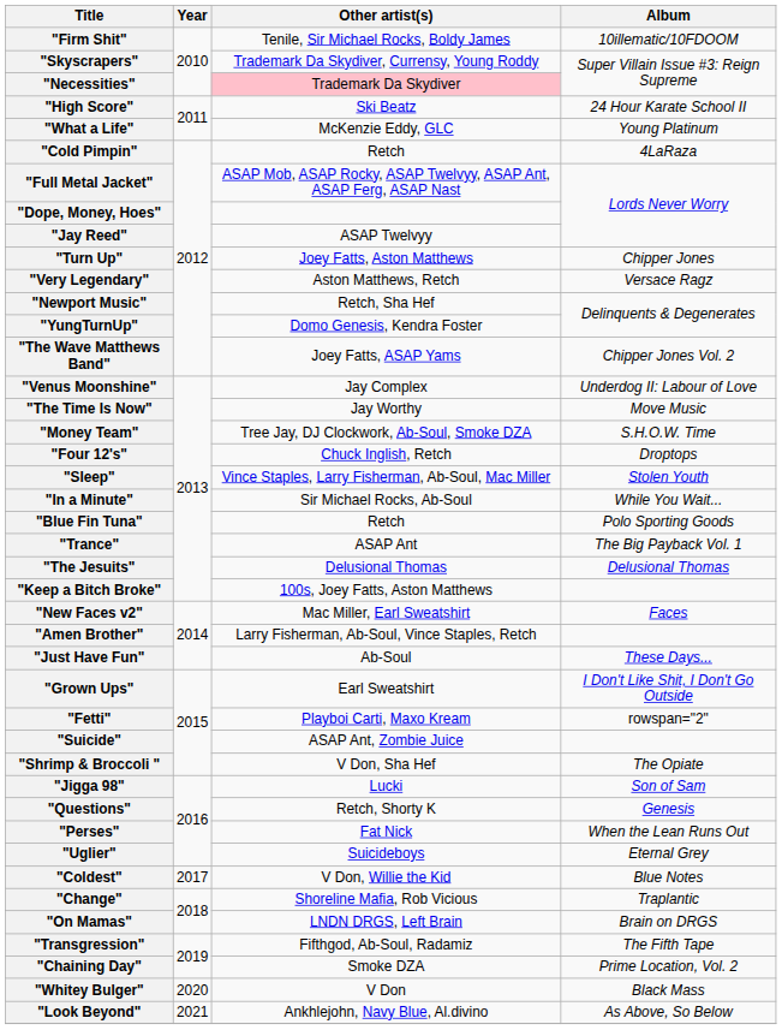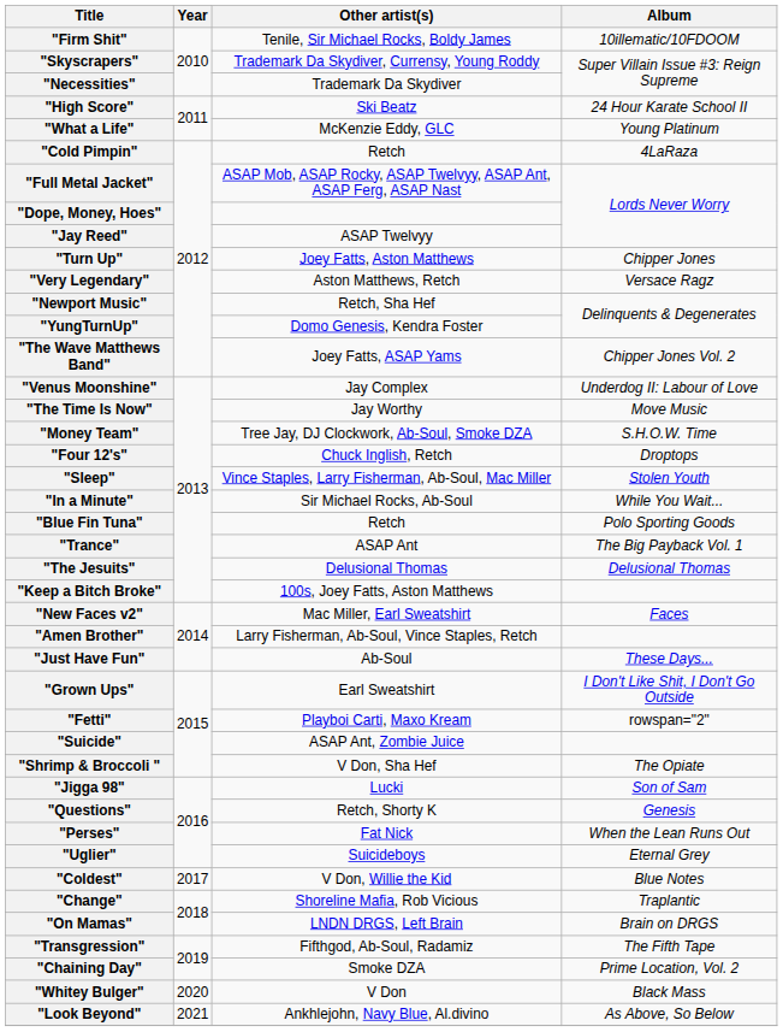 <table class="wikitable plainrowheaders" style="text-align:center;">
 <tr>
 <th scope="col">Title</th>
 <th scope="col">Year</th>
 <th scope="col">Other artist(s)</th>
 <th scope="col">Album</th>
 </tr>
 <tr>
 <th scope="row">"Firm Shit"</th>
 <td rowspan="3">2010</td>
 <td>Tenile, <a href='#'>Sir Michael Rocks</a>, <a href='#'>Boldy James</a></td>
 <td><em>10illematic/10FDOOM</em></td>
 </tr>
 <tr>
 <th scope="row">"Skyscrapers"</th>
 <td><a href='#'>Trademark Da Skydiver</a>, <a href='#'>Currensy</a>, <a href='#'>Young Roddy</a></td>
 <td rowspan="2"><em>Super Villain Issue #3: Reign Supreme</em></td>
 </tr>
 <tr>
 <th scope="row">"Necessities"</th>
-<td style="background: pink;">Trademark Da Skydiver</td>
+<td>Trademark Da Skydiver</td>
 </tr>
 <tr>
 <th scope="row">"High Score"</th>
 <td rowspan="2">2011</td>
 <td><a href='#'>Ski Beatz</a></td>
 <td><em>24 Hour Karate School II</em></td>
 </tr>
 <tr>
 <th scope="row">"What a Life"</th>
 <td>McKenzie Eddy, <a href='#'>GLC</a></td>
 <td><em>Young Platinum</em></td>
 </tr>
 <tr>
 <th scope="row">"Cold Pimpin"</th>
 <td rowspan="9">2012</td>
 <td>Retch</td>
 <td><em>4LaRaza</em></td>
 </tr>
 <tr>
 <th scope="row">"Full Metal Jacket"</th>
 <td><a href='#'>ASAP Mob</a>, <a href='#'>ASAP Rocky</a>, <a href='#'>ASAP Twelvyy</a>, <a href='#'>ASAP Ant</a>, <a href='#'>ASAP Ferg</a>, <a href='#'>ASAP Nast</a></td>
 <td rowspan="3"><em><a href='#'>Lords Never Worry</a></em></td>
 </tr>
 <tr>
 <th scope="row">"Dope, Money, Hoes"</th>
 <td></td>
 </tr>
 <tr>
 <th scope="row">"Jay Reed"</th>
 <td>ASAP Twelvyy</td>
 </tr>
 <tr>
 <th scope="row">"Turn Up"</th>
 <td><a href='#'>Joey Fatts</a>, <a href='#'>Aston Matthews</a></td>
 <td><em>Chipper Jones</em></td>
 </tr>
 <tr>
 <th scope="row">"Very Legendary"</th>
 <td>Aston Matthews, Retch</td>
 <td><em>Versace Ragz</em></td>
 </tr>
 <tr>
 <th scope="row">"Newport Music"</th>
 <td>Retch, Sha Hef</td>
 <td rowspan="2"><em>Delinquents & Degenerates</em></td>
 </tr>
 <tr>
 <th scope="row">"YungTurnUp"</th>
 <td><a href='#'>Domo Genesis</a>, Kendra Foster</td>
 </tr>
 <tr>
 <th scope="row">"The Wave Matthews Band"</th>
 <td>Joey Fatts, <a href='#'>ASAP Yams</a></td>
 <td><em>Chipper Jones Vol. 2</em></td>
 </tr>
 <tr>
 <th scope="row">"Venus Moonshine"</th>
 <td rowspan="10">2013</td>
 <td>Jay Complex</td>
 <td><em>Underdog II: Labour of Love</em></td>
 </tr>
 <tr>
 <th scope="row">"The Time Is Now"</th>
 <td>Jay Worthy</td>
 <td><em>Move Music</em></td>
 </tr>
 <tr>
 <th scope="row">"Money Team"</th>
 <td>Tree Jay, DJ Clockwork, <a href='#'>Ab-Soul</a>, <a href='#'>Smoke DZA</a></td>
 <td><em>S.H.O.W. Time</em></td>
 </tr>
 <tr>
 <th scope="row">"Four 12's"</th>
 <td><a href='#'>Chuck Inglish</a>, Retch</td>
 <td><em>Droptops</em></td>
 </tr>
 <tr>
 <th scope="row">"Sleep"</th>
 <td><a href='#'>Vince Staples</a>, <a href='#'>Larry Fisherman</a>, Ab-Soul, <a href='#'>Mac Miller</a></td>
 <td><em><a href='#'>Stolen Youth</a></em></td>
 </tr>
 <tr>
 <th scope="row">"In a Minute"</th>
 <td>Sir Michael Rocks, Ab-Soul</td>
 <td><em>While You Wait...</em></td>
 </tr>
 <tr>
 <th scope="row">"Blue Fin Tuna"</th>
 <td>Retch</td>
 <td><em>Polo Sporting Goods</em></td>
 </tr>
 <tr>
 <th scope="row">"Trance"</th>
 <td>ASAP Ant</td>
 <td><em>The Big Payback Vol. 1</em></td>
 </tr>
 <tr>
 <th scope="row">"The Jesuits"</th>
 <td><a href='#'>Delusional Thomas</a></td>
 <td><em><a href='#'>Delusional Thomas</a></em></td>
 </tr>
 <tr>
 <th scope="row">"Keep a Bitch Broke"</th>
 <td><a href='#'>100s</a>, Joey Fatts, Aston Matthews</td>
 <td></td>
 </tr>
 <tr>
 <th scope="row">"New Faces v2"</th>
 <td rowspan="3">2014</td>
 <td>Mac Miller, <a href='#'>Earl Sweatshirt</a></td>
 <td><em><a href='#'>Faces</a></em></td>
 </tr>
 <tr>
 <th scope="row">"Amen Brother"</th>
 <td>Larry Fisherman, Ab-Soul, Vince Staples, Retch</td>
 <td></td>
 </tr>
 <tr>
 <th scope="row">"Just Have Fun"</th>
 <td>Ab-Soul</td>
 <td><em><a href='#'>These Days...</a></em></td>
 </tr>
 <tr>
 <th scope="row">"Grown Ups"</th>
 <td rowspan="4">2015</td>
 <td>Earl Sweatshirt</td>
 <td><em><a href='#'>I Don't Like Shit, I Don't Go Outside</a></em></td>
 </tr>
 <tr>
 <th scope="row">"Fetti"</th>
 <td><a href='#'>Playboi Carti</a>, <a href='#'>Maxo Kream</a></td>
 <td>rowspan="2" </td>
 </tr>
 <tr>
 <th scope="row">"Suicide"</th>
 <td>ASAP Ant, <a href='#'>Zombie Juice</a></td>
 </tr>
 <tr>
 <th scope="row">"Shrimp & Broccoli "</th>
 <td>V Don, Sha Hef</td>
 <td><em>The Opiate</em></td>
 </tr>
 <tr>
 <th scope="row">"Jigga 98"</th>
 <td rowspan="4">2016</td>
 <td><a href='#'>Lucki</a></td>
 <td><em><a href='#'>Son of Sam</a></em></td>
 </tr>
 <tr>
 <th scope="row">"Questions"</th>
 <td>Retch, Shorty K</td>
 <td><em><a href='#'>Genesis</a></em></td>
 </tr>
 <tr>
 <th scope="row">"Perses"</th>
 <td><a href='#'>Fat Nick</a></td>
 <td><em>When the Lean Runs Out</em></td>
 </tr>
 <tr>
 <th scope="row">"Uglier"</th>
 <td><a href='#'>Suicideboys</a></td>
 <td><em>Eternal Grey</em></td>
 </tr>
 <tr>
 <th scope="row">"Coldest"</th>
 <td>2017</td>
 <td>V Don, <a href='#'>Willie the Kid</a></td>
 <td><em>Blue Notes</em></td>
 </tr>
 <tr>
 <th scope="row">"Change"</th>
 <td rowspan="2">2018</td>
 <td><a href='#'>Shoreline Mafia</a>, Rob Vicious</td>
 <td><em>Traplantic</em></td>
 </tr>
 <tr>
 <th scope="row">"On Mamas"</th>
 <td><a href='#'>LNDN DRGS</a>, <a href='#'>Left Brain</a></td>
 <td><em>Brain on DRGS</em></td>
 </tr>
 <tr>
 <th scope="row">"Transgression"</th>
 <td rowspan="2">2019</td>
 <td>Fifthgod, Ab-Soul, Radamiz</td>
 <td><em>The Fifth Tape</em></td>
 </tr>
 <tr>
 <th scope="row">"Chaining Day"</th>
 <td>Smoke DZA</td>
 <td><em>Prime Location, Vol. 2</em></td>
 </tr>
 <tr>
 <th scope="row">"Whitey Bulger"</th>
 <td>2020</td>
 <td>V Don</td>
 <td><em>Black Mass</em></td>
 </tr>
 <tr>
 <th scope="row">"Look Beyond"</th>
 <td rowspan="1">2021</td>
 <td>Ankhlejohn, <a href='#'>Navy Blue</a>, Al.divino</td>
 <td><em>As Above, So Below</em></td>
 </tr>
 <tr>
 </tr>
 </table>
